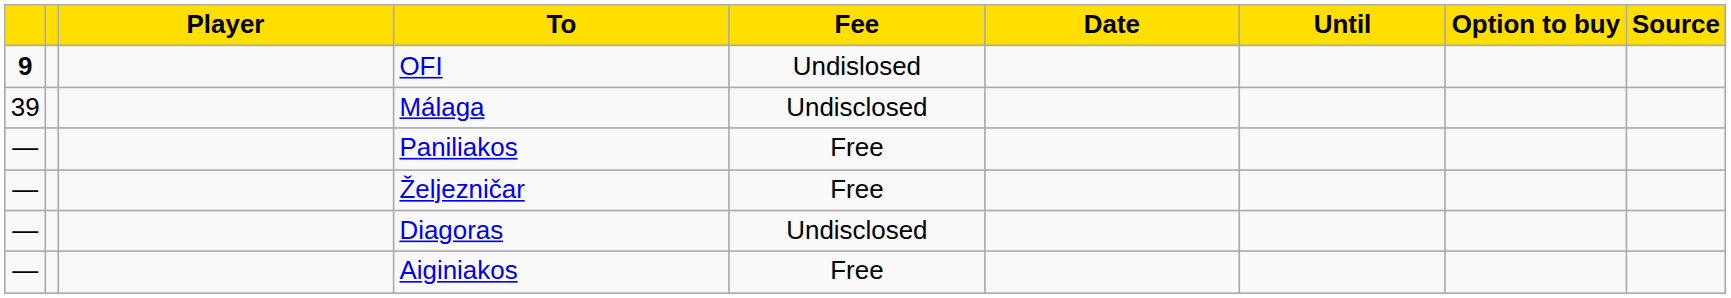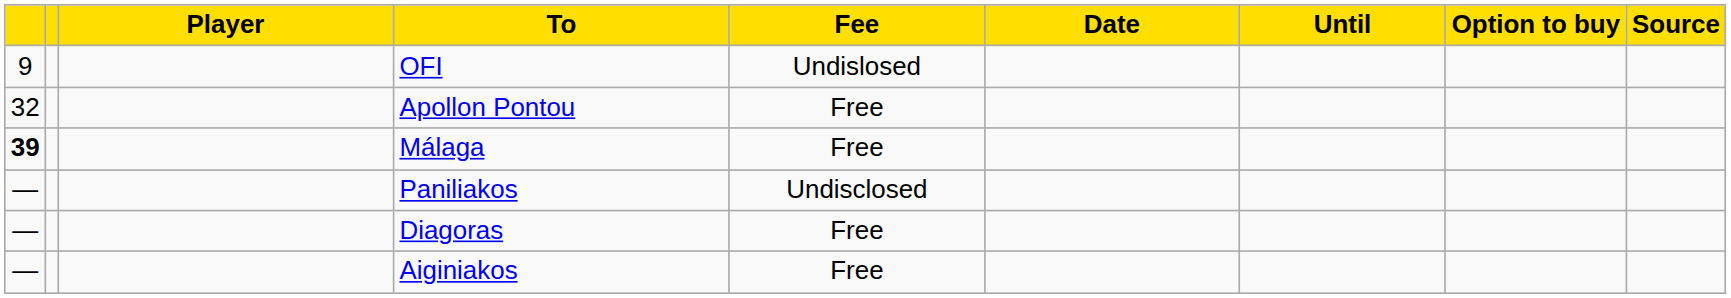 <table class="wikitable sortable">
 <tr>
 <th style="background:#FFDE00"></th>
 <th style="background:#FFDE00"></th>
 <th width=200 style="background:#FFDE00">Player</th>
 <th width=200 style="background:#FFDE00">To</th>
 <th width=150 style="background:#FFDE00">Fee</th>
 <th width=150 style="background:#FFDE00">Date</th>
 <th width=120 style="background:#FFDE00">Until</th>
 <th style="background:#FFDE00">Option to buy</th>
 <th style="background:#FFDE00">Source</th>
 </tr>
 <tr>
-<td align=center><strong>9</strong></td>
+<td align=center>9</td>
 <td align=center></td>
 <td></td>
 <td> <a href='#'>OFI</a></td>
 <td align=center>Undislosed</td>
 <td align=center></td>
 <td align=center></td>
 <td align=center></td>
 <td align=center></td>
 </tr>
 <tr>
-<td align=center>39</td>
+<td align=center>32</td>
+<td align=center></td>
+<td></td>
+<td> <a href='#'>Apollon Pontou</a></td>
+<td align=center>Free</td>
+<td align=center></td>
+<td align=center></td>
+<td align=center></td>
+<td align=center></td>
+</tr>
+<tr>
+<td align=center><strong>39</strong></td>
 <td align=center></td>
 <td></td>
 <td> <a href='#'>Málaga</a></td>
+<td align=center>Free</td>
+<td align=center></td>
+<td align=center></td>
+<td align=center></td>
+<td align=center></td>
+</tr>
+<tr>
+<td align=center>—</td>
+<td align=center></td>
+<td></td>
+<td> <a href='#'>Paniliakos</a></td>
 <td align=center>Undisclosed</td>
 <td align=center></td>
 <td align=center></td>
 <td align=center></td>
 <td align=center></td>
 </tr>
 <tr>
 <td align=center>—</td>
 <td align=center></td>
 <td></td>
-<td> <a href='#'>Paniliakos</a></td>
+<td> <a href='#'>Diagoras</a></td>
 <td align=center>Free</td>
-<td align=center></td>
-<td align=center></td>
-<td align=center></td>
-<td align=center></td>
-</tr>
-<tr>
-<td align=center>—</td>
-<td align=center></td>
-<td></td>
-<td> <a href='#'>Željezničar</a></td>
-<td align=center>Free</td>
-<td align=center></td>
-<td align=center></td>
-<td align=center></td>
-<td align=center></td>
-</tr>
-<tr>
-<td align=center>—</td>
-<td align=center></td>
-<td></td>
-<td> <a href='#'>Diagoras</a></td>
-<td align=center>Undisclosed</td>
 <td align=center></td>
 <td align=center></td>
 <td align=center></td>
 <td align=center></td>
 </tr>
 <tr>
 <td align=center>—</td>
 <td align=center></td>
 <td></td>
 <td> <a href='#'>Aiginiakos</a></td>
 <td align=center>Free</td>
 <td align=center></td>
 <td align=center></td>
 <td align=center></td>
 <td align=center></td>
 </tr>
 </table>
